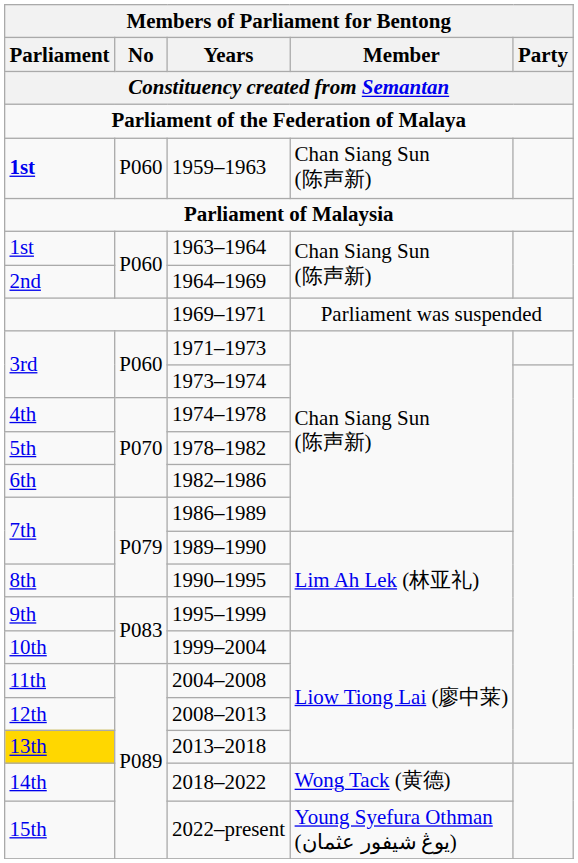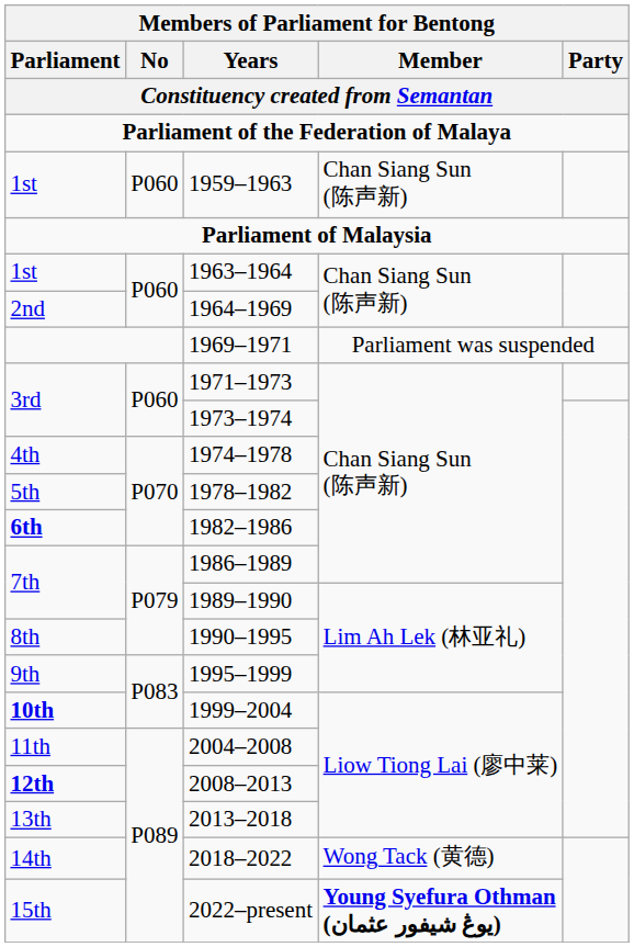 <table class=wikitable>
 <tr>
 <th colspan="5">Members of Parliament for Bentong</th>
 </tr>
 <tr>
 <th>Parliament</th>
 <th>No</th>
 <th>Years</th>
 <th>Member</th>
 <th>Party</th>
 </tr>
 <tr>
 <th colspan="5" align="center"><em>Constituency created from <a href='#'>Semantan</a></em></th>
 </tr>
 <tr>
 <td colspan="5" align="center"><strong>Parliament of the Federation of Malaya</strong></td>
 </tr>
 <tr>
-<td><strong><a href='#'>1st</a></strong></td>
+<td><a href='#'>1st</a></td>
 <td>P060</td>
 <td>1959–1963</td>
 <td>Chan Siang Sun <br> (陈声新)</td>
 <td></td>
 </tr>
 <tr>
 <td colspan="5" align="center"><strong>Parliament of Malaysia</strong></td>
 </tr>
 <tr>
 <td><a href='#'>1st</a></td>
 <td rowspan="2">P060</td>
 <td>1963–1964</td>
 <td rowspan=2>Chan Siang Sun <br> (陈声新)</td>
 <td rowspan=2></td>
 </tr>
 <tr>
 <td><a href='#'>2nd</a></td>
 <td>1964–1969</td>
 </tr>
 <tr>
 <td colspan="2"></td>
 <td>1969–1971</td>
 <td colspan=2 align=center>Parliament was suspended</td>
 </tr>
 <tr>
 <td rowspan=2><a href='#'>3rd</a></td>
 <td rowspan="2">P060</td>
 <td>1971–1973</td>
 <td rowspan=6>Chan Siang Sun <br> (陈声新)</td>
 <td></td>
 </tr>
 <tr>
 <td>1973–1974</td>
 <td rowspan=12></td>
 </tr>
 <tr>
 <td><a href='#'>4th</a></td>
 <td rowspan="3">P070</td>
 <td>1974–1978</td>
 </tr>
 <tr>
 <td><a href='#'>5th</a></td>
 <td>1978–1982</td>
 </tr>
 <tr>
-<td><a href='#'>6th</a></td>
+<td><strong><a href='#'>6th</a></strong></td>
 <td>1982–1986</td>
 </tr>
 <tr>
 <td rowspan=2><a href='#'>7th</a></td>
 <td rowspan="3">P079</td>
 <td>1986–1989</td>
 </tr>
 <tr>
 <td>1989–1990</td>
 <td rowspan=3><a href='#'>Lim Ah Lek</a> (林亚礼)</td>
 </tr>
 <tr>
 <td><a href='#'>8th</a></td>
 <td>1990–1995</td>
 </tr>
 <tr>
 <td><a href='#'>9th</a></td>
 <td rowspan="2">P083</td>
 <td>1995–1999</td>
 </tr>
 <tr>
-<td><a href='#'>10th</a></td>
+<td><strong><a href='#'>10th</a></strong></td>
 <td>1999–2004</td>
 <td rowspan=4><a href='#'>Liow Tiong Lai</a>  (廖中莱)</td>
 </tr>
 <tr>
 <td><a href='#'>11th</a></td>
 <td rowspan="5">P089</td>
 <td>2004–2008</td>
 </tr>
 <tr>
-<td><a href='#'>12th</a></td>
+<td><strong><a href='#'>12th</a></strong></td>
 <td>2008–2013</td>
 </tr>
 <tr>
-<td style="background: gold;"><a href='#'>13th</a></td>
+<td><a href='#'>13th</a></td>
 <td>2013–2018</td>
 </tr>
 <tr>
 <td><a href='#'>14th</a></td>
 <td>2018–2022</td>
 <td><a href='#'>Wong Tack</a> (黄德)</td>
 <td rowspan=2></td>
 </tr>
 <tr>
 <td><a href='#'>15th</a></td>
 <td>2022–present</td>
-<td><a href='#'>Young Syefura Othman</a> <br> (يوڠ شيفور عثمان)</td>
+<td><strong><a href='#'>Young Syefura Othman</a> <br> (يوڠ شيفور عثمان)</strong></td>
 </tr>
 </table>
